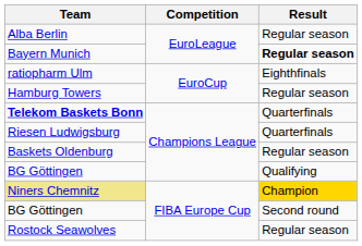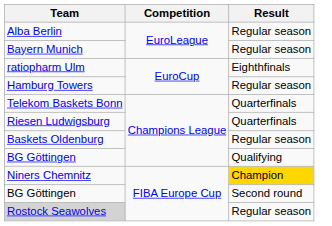 <table class="wikitable sortable">
 <tr>
 <th>Team</th>
 <th>Competition</th>
 <th>Result</th>
 </tr>
 <tr>
 <td><a href='#'>Alba Berlin</a></td>
 <td rowspan=2 align=center><a href='#'>EuroLeague</a></td>
 <td>Regular season</td>
 </tr>
 <tr>
 <td><a href='#'>Bayern Munich</a></td>
-<td><strong>Regular season</strong></td>
+<td>Regular season</td>
 </tr>
 <tr>
 <td><a href='#'>ratiopharm Ulm</a></td>
 <td rowspan=2 align=center><a href='#'>EuroCup</a></td>
 <td>Eighthfinals</td>
 </tr>
 <tr>
 <td><a href='#'>Hamburg Towers</a></td>
 <td>Regular season</td>
 </tr>
 <tr>
-<td><strong><a href='#'>Telekom Baskets Bonn</a></strong></td>
+<td><a href='#'>Telekom Baskets Bonn</a></td>
 <td rowspan=4 align=center><a href='#'>Champions League</a></td>
 <td>Quarterfinals</td>
 </tr>
 <tr>
 <td><a href='#'>Riesen Ludwigsburg</a></td>
 <td>Quarterfinals</td>
 </tr>
 <tr>
 <td><a href='#'>Baskets Oldenburg</a></td>
 <td>Regular season</td>
 </tr>
 <tr>
 <td><a href='#'>BG Göttingen</a></td>
 <td>Qualifying</td>
 </tr>
 <tr>
-<td style="background: khaki;"><a href='#'>Niners Chemnitz</a></td>
+<td><a href='#'>Niners Chemnitz</a></td>
 <td rowspan=3 align=center><a href='#'>FIBA Europe Cup</a></td>
 <td bgcolor=gold>Champion</td>
 </tr>
 <tr>
 <td>BG Göttingen</td>
 <td>Second round</td>
 </tr>
 <tr>
-<td><a href='#'>Rostock Seawolves</a></td>
+<td style="background: lightgrey;"><a href='#'>Rostock Seawolves</a></td>
 <td>Regular season</td>
 </tr>
 </table>
